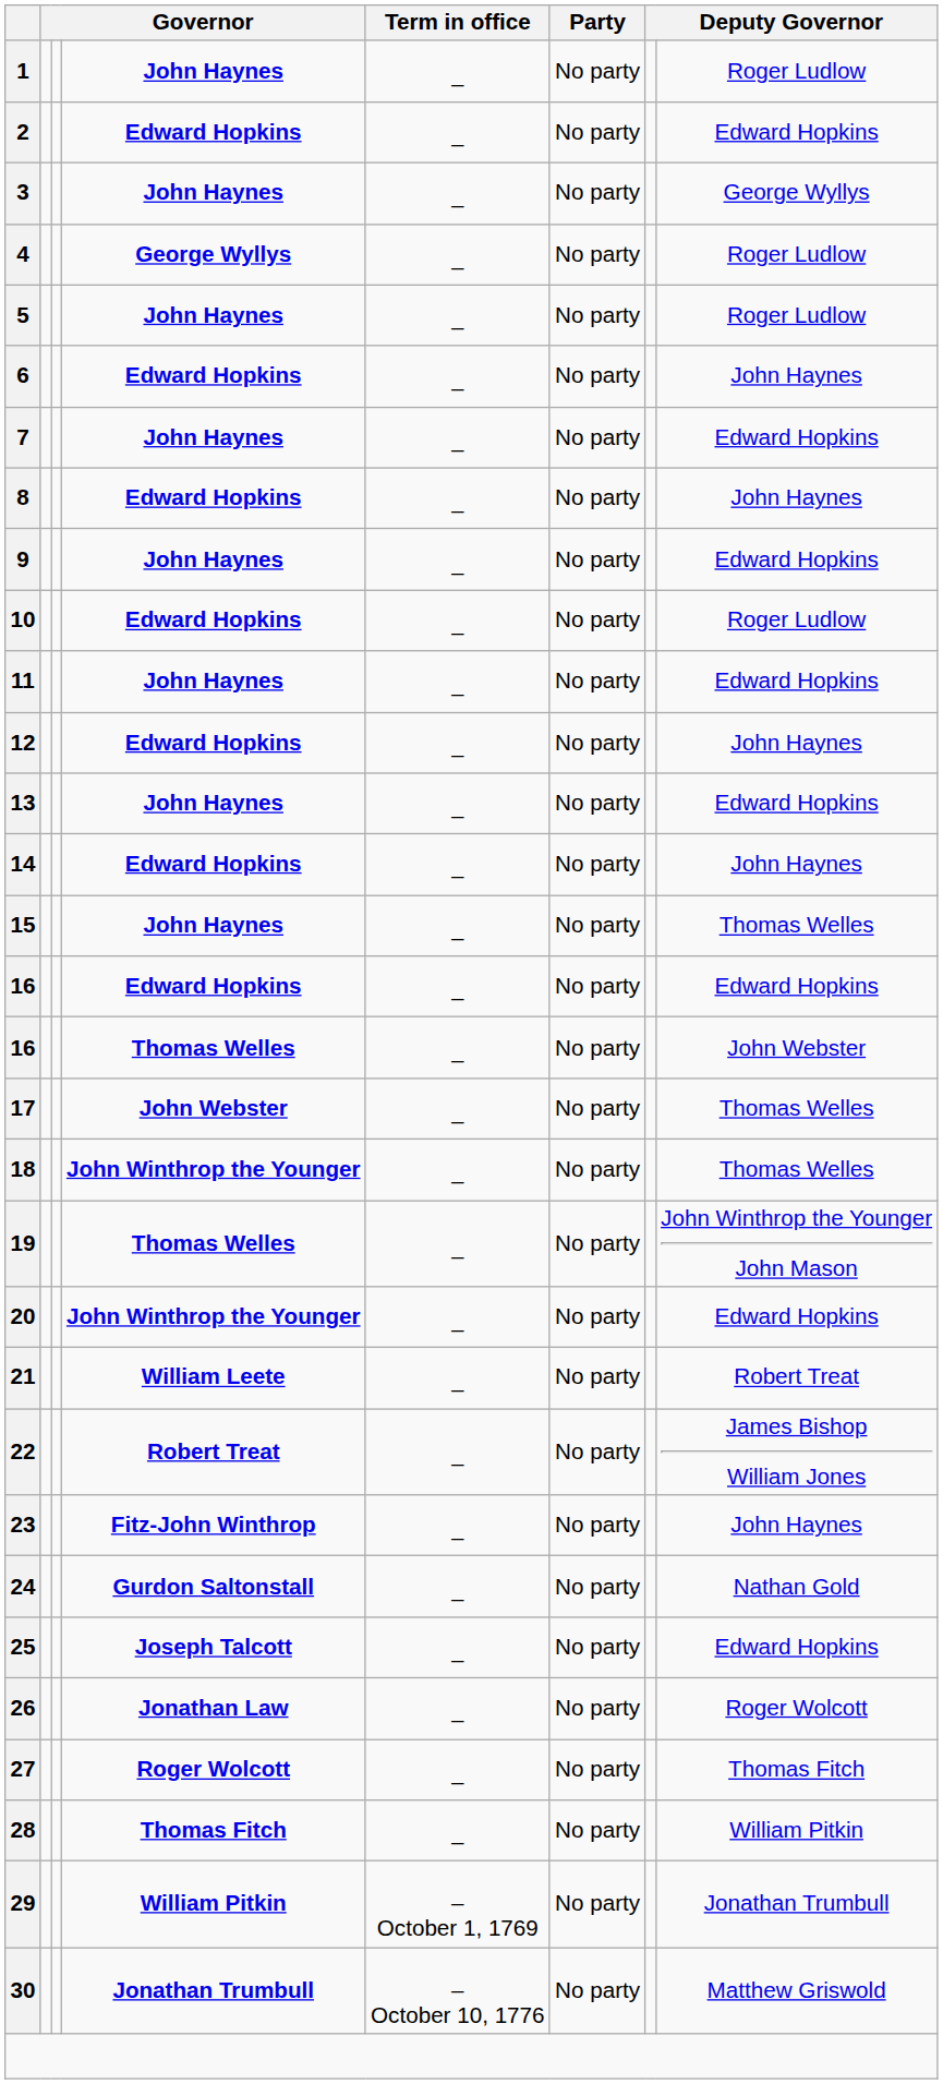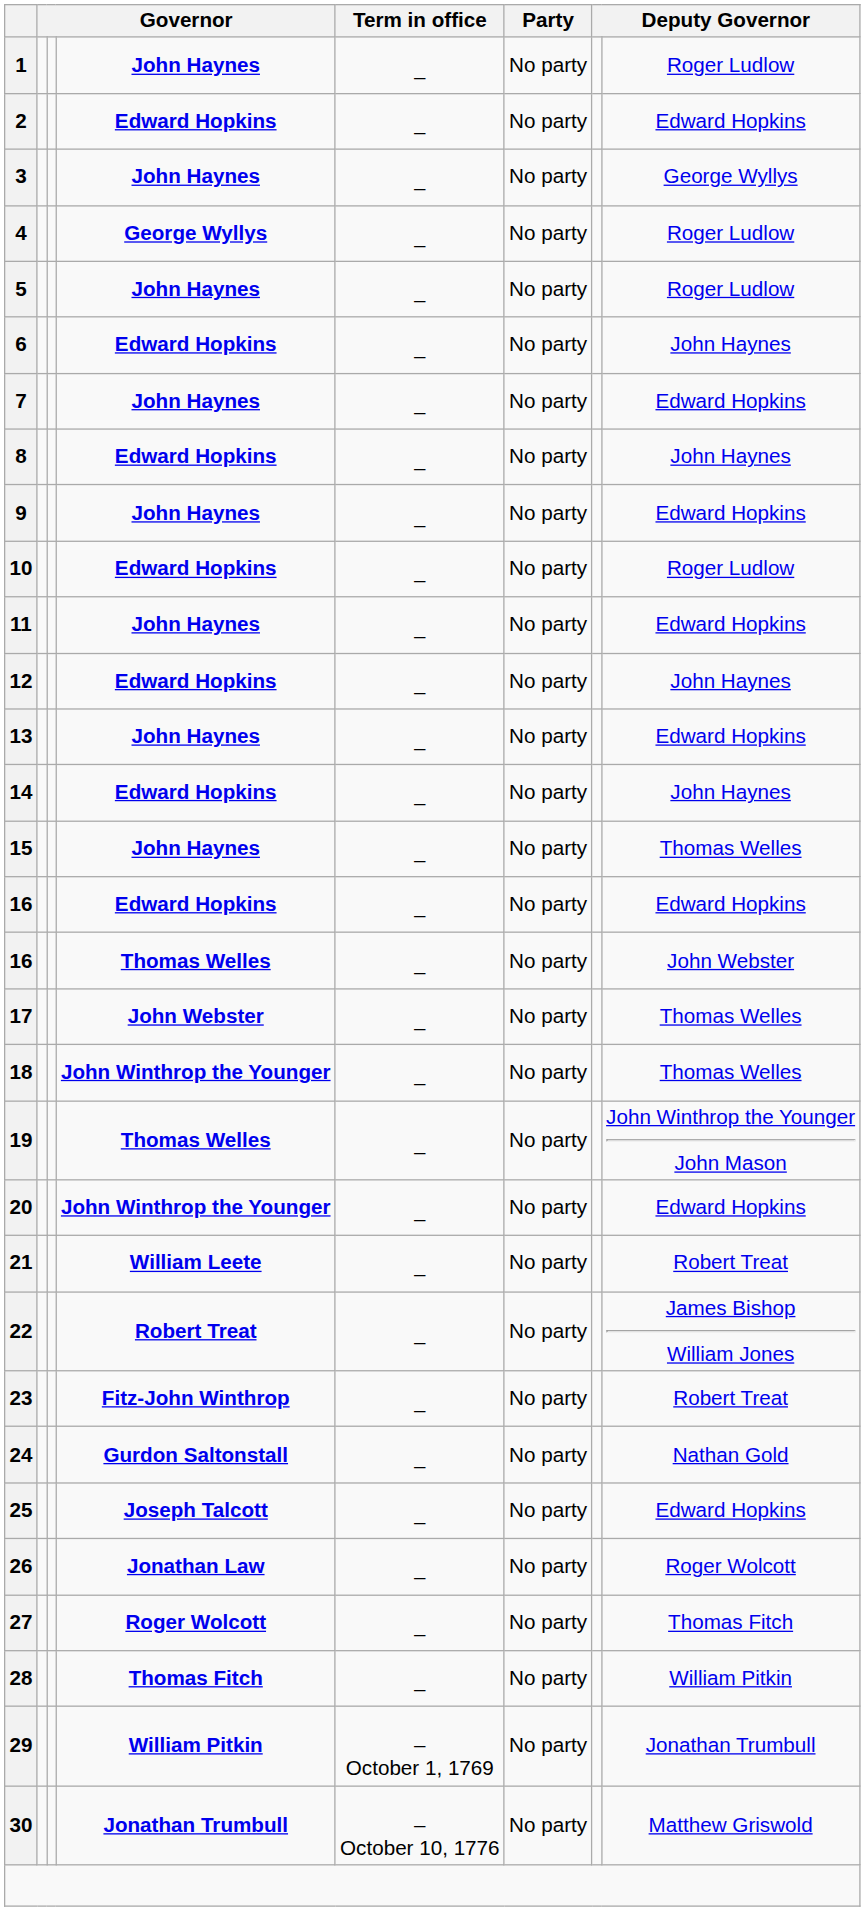 <table class="wikitable sortable" style="text-align:center;">
 <tr>
 <th scope="col" data-sort-type="number"></th>
 <th scope="col" colspan="3">Governor</th>
 <th scope="col">Term in office</th>
 <th scope="col">Party</th>
 <th scope="col" colspan="2">Deputy Governor</th>
 </tr>
 <tr style="height:2em;">
 <th scope="col" rowspan="1">1</th>
 <td data-sort-value="Haynes, John"></td>
 <td style="background:"></td>
 <td><strong><a href='#'>John Haynes</a></strong><br></td>
 <td><br>–<br></td>
 <td>No party</td>
 <td style="background:"></td>
 <td data-sort-value="Ludlow, Roger"><a href='#'>Roger Ludlow</a></td>
 </tr>
 <tr style="height:2em;">
 <th scope="col" rowspan="1">2</th>
 <td data-sort-value="Hopkins, Edward"></td>
 <td style="background:"></td>
 <td><strong><a href='#'>Edward Hopkins</a></strong><br></td>
 <td><br>–<br></td>
 <td>No party</td>
 <td style="background:"></td>
 <td data-sort-value="Hopkins, Edward"><a href='#'>Edward Hopkins</a></td>
 </tr>
 <tr style="height:2em;">
 <th scope="col" rowspan="1">3</th>
 <td data-sort-value="Haynes, John"></td>
 <td style="background:"></td>
 <td><strong><a href='#'>John Haynes</a></strong><br></td>
 <td><br>–<br></td>
 <td>No party</td>
 <td style="background:"></td>
 <td data-sort-value="Wyllys,  George"><a href='#'>George Wyllys</a></td>
 </tr>
 <tr style="height:2em;">
 <th scope="col" rowspan="1">4</th>
 <td data-sort-value="Wyllys, George"></td>
 <td style="background:"></td>
 <td><strong><a href='#'>George Wyllys</a></strong><br></td>
 <td><br>–<br></td>
 <td>No party</td>
 <td style="background:"></td>
 <td data-sort-value="Ludlow, Roger"><a href='#'>Roger Ludlow</a></td>
 </tr>
 <tr style="height:2em;">
 <th scope="col" rowspan="1">5</th>
 <td data-sort-value="Haynes, John"></td>
 <td style="background:"></td>
 <td><strong><a href='#'>John Haynes</a></strong><br></td>
 <td><br>–<br></td>
 <td>No party</td>
 <td style="background:"></td>
 <td data-sort-value="Ludlow, Roger"><a href='#'>Roger Ludlow</a></td>
 </tr>
 <tr style="height:2em;">
 <th scope="col" rowspan="1">6</th>
 <td data-sort-value="Hopkins, Edward"></td>
 <td style="background:"></td>
 <td><strong><a href='#'>Edward Hopkins</a></strong><br></td>
 <td><br>–<br></td>
 <td>No party</td>
 <td style="background:"></td>
 <td data-sort-value="Haynes, John"><a href='#'>John Haynes</a></td>
 </tr>
 <tr style="height:2em;">
 <th scope="col" rowspan="1">7</th>
 <td data-sort-value="Haynes, John"></td>
 <td style="background:"></td>
 <td><strong><a href='#'>John Haynes</a></strong><br></td>
 <td><br>–<br></td>
 <td>No party</td>
 <td style="background:"></td>
 <td data-sort-value="Hopkins, Edward"><a href='#'>Edward Hopkins</a></td>
 </tr>
 <tr style="height:2em;">
 <th scope="col" rowspan="1">8</th>
 <td data-sort-value="Hopkins, Edward"></td>
 <td style="background:"></td>
 <td><strong><a href='#'>Edward Hopkins</a></strong><br></td>
 <td><br>–<br></td>
 <td>No party</td>
 <td style="background:"></td>
 <td data-sort-value="Haynes, John"><a href='#'>John Haynes</a></td>
 </tr>
 <tr style="height:2em;">
 <th scope="col" rowspan="1">9</th>
 <td data-sort-value="Haynes, John"></td>
 <td style="background:"></td>
 <td><strong><a href='#'>John Haynes</a></strong><br></td>
 <td><br>–<br></td>
 <td>No party</td>
 <td style="background:"></td>
 <td data-sort-value="Hopkins, Edward"><a href='#'>Edward Hopkins</a></td>
 </tr>
 <tr style="height:2em;">
 <th scope="col" rowspan="1">10</th>
 <td data-sort-value="Hopkins, Edward"></td>
 <td style="background:"></td>
 <td><strong><a href='#'>Edward Hopkins</a></strong><br></td>
 <td><br>–<br></td>
 <td>No party</td>
 <td style="background:"></td>
 <td data-sort-value="Ludlow, Roger"><a href='#'>Roger Ludlow</a></td>
 </tr>
 <tr style="height:2em;">
 <th scope="col" rowspan="1">11</th>
 <td data-sort-value="Haynes, John"></td>
 <td style="background:"></td>
 <td><strong><a href='#'>John Haynes</a></strong><br></td>
 <td><br>–<br></td>
 <td>No party</td>
 <td style="background:"></td>
 <td data-sort-value="Hopkins, Edward"><a href='#'>Edward Hopkins</a></td>
 </tr>
 <tr style="height:2em;">
 <th scope="col" rowspan="1">12</th>
 <td data-sort-value="Hopkins, Edward"></td>
 <td style="background:"></td>
 <td><strong><a href='#'>Edward Hopkins</a></strong><br></td>
 <td><br>–<br></td>
 <td>No party</td>
 <td style="background:"></td>
 <td data-sort-value="Haynes, John"><a href='#'>John Haynes</a></td>
 </tr>
 <tr style="height:2em;">
 <th scope="col" rowspan="1">13</th>
 <td data-sort-value="Haynes, John"></td>
 <td style="background:"></td>
 <td><strong><a href='#'>John Haynes</a></strong><br></td>
 <td><br>–<br></td>
 <td>No party</td>
 <td style="background:"></td>
 <td data-sort-value="Hopkins, Edward"><a href='#'>Edward Hopkins</a></td>
 </tr>
 <tr style="height:2em;">
 <th scope="col" rowspan="1">14</th>
 <td data-sort-value="Hopkins, Edward"></td>
 <td style="background:"></td>
 <td><strong><a href='#'>Edward Hopkins</a></strong><br></td>
 <td><br>–<br></td>
 <td>No party</td>
 <td style="background:"></td>
 <td data-sort-value="Haynes, John"><a href='#'>John Haynes</a></td>
 </tr>
 <tr style="height:2em;">
 <th scope="col" rowspan="1">15</th>
 <td data-sort-value="Haynes, John"></td>
 <td style="background:"></td>
 <td><strong><a href='#'>John Haynes</a></strong><br></td>
 <td><br>–<br></td>
 <td>No party</td>
 <td style="background:"></td>
 <td data-sort-value="Welles, Thomas"><a href='#'>Thomas Welles</a></td>
 </tr>
 <tr style="height:2em;">
 <th scope="col" rowspan="1">16</th>
 <td data-sort-value="Hopkins, Edward"></td>
 <td style="background:"></td>
 <td><strong><a href='#'>Edward Hopkins</a></strong><br></td>
 <td><br>–<br></td>
 <td>No party</td>
 <td style="background:"></td>
 <td data-sort-value="Hopkins, Edward"><a href='#'>Edward Hopkins</a></td>
 </tr>
 <tr style="height:2em;">
 <th scope="col" rowspan="1">16</th>
 <td data-sort-value="Welles, Thomas"></td>
 <td style="background:"></td>
 <td><strong><a href='#'>Thomas Welles</a></strong><br></td>
 <td><br>–<br></td>
 <td>No party</td>
 <td style="background:"></td>
 <td data-sort-value="Webster, John"><a href='#'>John Webster</a></td>
 </tr>
 <tr style="height:2em;">
 <th scope="col" rowspan="1">17</th>
 <td data-sort-value="Webster, John"></td>
 <td style="background:"></td>
 <td><strong><a href='#'>John Webster</a></strong><br></td>
 <td><br>–<br></td>
 <td>No party</td>
 <td style="background:"></td>
 <td data-sort-value="Welles, Thomas"><a href='#'>Thomas Welles</a></td>
 </tr>
 <tr style="height:2em;">
 <th scope="col" rowspan="1">18</th>
 <td data-sort-value="Winthrop, John"></td>
 <td style="background:"></td>
 <td><strong><a href='#'>John Winthrop the Younger</a></strong><br></td>
 <td><br>–<br></td>
 <td>No party</td>
 <td style="background:"></td>
 <td data-sort-value="Welles, Thomas"><a href='#'>Thomas Welles</a></td>
 </tr>
 <tr style="height:2em;">
 <th scope="col" rowspan="1">19</th>
 <td data-sort-value="Welles, Thomas"></td>
 <td style="background:"></td>
 <td><strong><a href='#'>Thomas Welles</a></strong><br></td>
 <td><br>–<br></td>
 <td>No party</td>
 <td style="background:"></td>
 <td><a href='#'>John Winthrop the Younger</a><hr><a href='#'>John Mason</a></td>
 </tr>
 <tr style="height:2em;">
 <th scope="col" rowspan="1">20</th>
 <td data-sort-value="Winthrop, John"></td>
 <td style="background:"></td>
 <td><strong><a href='#'>John Winthrop the Younger</a></strong><br></td>
 <td><br>–<br></td>
 <td>No party</td>
 <td style="background:"></td>
 <td data-sort-value="Hopkins, Edward"><a href='#'>Edward Hopkins</a></td>
 </tr>
 <tr style="height:2em;">
 <th scope="col" rowspan="1">21</th>
 <td data-sort-value="Leete, William"></td>
 <td style="background:"></td>
 <td><strong><a href='#'>William Leete</a></strong><br></td>
 <td><br>–<br></td>
 <td>No party</td>
 <td style="background:"></td>
 <td data-sort-value="Treat, Robert"><a href='#'>Robert Treat</a></td>
 </tr>
 <tr style="height:2em;">
 <th scope="col" rowspan="1">22</th>
 <td data-sort-value="Treat,  Robert"></td>
 <td style="background:"></td>
 <td><strong><a href='#'>Robert Treat</a></strong><br></td>
 <td><br>–<br></td>
 <td>No party</td>
 <td style="background:"></td>
 <td><a href='#'>James Bishop</a><hr><a href='#'>William Jones</a></td>
 </tr>
 <tr style="height:2em;">
 <th scope="col" rowspan="1">23</th>
 <td data-sort-value="Winthrop, Fitz-John"></td>
 <td style="background:"></td>
 <td><strong><a href='#'>Fitz-John Winthrop</a></strong><br></td>
 <td><br>–<br></td>
 <td>No party</td>
 <td style="background:"></td>
-<td data-sort-value="Haynes, John"><a href='#'>John Haynes</a></td>
+<td data-sort-value="Treat, Robert"><a href='#'>Robert Treat</a></td>
 </tr>
 <tr style="height:2em;">
 <th scope="col" rowspan="1">24</th>
 <td data-sort-value="Saltonstall, Gurdon"></td>
 <td style="background:"></td>
 <td><strong><a href='#'>Gurdon Saltonstall</a></strong><br></td>
 <td><br>–<br></td>
 <td>No party</td>
 <td style="background:"></td>
 <td data-sort-value="Gold, Nathan"><a href='#'>Nathan Gold</a></td>
 </tr>
 <tr style="height:2em;">
 <th scope="col" rowspan="1">25</th>
 <td data-sort-value="Talcott, Joseph"></td>
 <td style="background:"></td>
 <td><strong><a href='#'>Joseph Talcott</a></strong><br></td>
 <td><br>–<br></td>
 <td>No party</td>
 <td style="background:"></td>
 <td data-sort-value="Hopkins, Edward"><a href='#'>Edward Hopkins</a></td>
 </tr>
 <tr style="height:2em;">
 <th scope="col" rowspan="1">26</th>
 <td data-sort-value="Law, Jonathan"></td>
 <td style="background:"></td>
 <td><strong><a href='#'>Jonathan Law</a></strong><br></td>
 <td><br>–<br></td>
 <td>No party</td>
 <td style="background:"></td>
 <td data-sort-value="Wolcott, Roger"><a href='#'>Roger Wolcott</a></td>
 </tr>
 <tr style="height:2em;">
 <th scope="col" rowspan="1">27</th>
 <td data-sort-value="Wolcott, Roger"></td>
 <td style="background:"></td>
 <td><strong><a href='#'>Roger Wolcott</a></strong><br></td>
 <td><br>–<br></td>
 <td>No party</td>
 <td style="background:"></td>
 <td data-sort-value="Fitch, Thomas"><a href='#'>Thomas Fitch</a></td>
 </tr>
 <tr style="height:2em;">
 <th scope="col" rowspan="1">28</th>
 <td data-sort-value="Fitch, Thomas"></td>
 <td style="background:"></td>
 <td><strong><a href='#'>Thomas Fitch</a></strong><br></td>
 <td><br>–<br></td>
 <td>No party</td>
 <td style="background:"></td>
 <td data-sort-value="Pitkin, William"><a href='#'>William Pitkin</a></td>
 </tr>
 <tr style="height:2em;">
 <th scope="col" rowspan="1">29</th>
 <td data-sort-value="Pitkin, William"></td>
 <td style="background:"></td>
 <td><strong><a href='#'>William Pitkin</a></strong><br></td>
 <td><br>–<br>October 1, 1769</td>
 <td>No party</td>
 <td style="background:"></td>
 <td data-sort-value="Trumbull, Jonathan"><a href='#'>Jonathan Trumbull</a></td>
 </tr>
 <tr style="height:2em;">
 <th scope="col">30</th>
 <td data-sort-value="Trumbull, Jonathan"></td>
 <td style="background:"></td>
 <td><strong><a href='#'>Jonathan Trumbull</a></strong><br></td>
 <td><br>–<br>October 10, 1776</td>
 <td>No party</td>
 <td style="background:"></td>
 <td data-sort-value="Griswold, Matthew"><a href='#'>Matthew Griswold</a></td>
 </tr>
 <tr style="height:2em;">
 </tr>
 </table>
